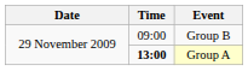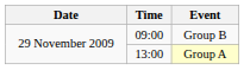 <table class = "wikitable" style="text-align:center;">
 <tr>
 <th width=150>Date</th>
 <th width=50>Time</th>
 <th width=80>Event</th>
 </tr>
 <tr>
 <td rowspan=2>29 November 2009</td>
 <td>09:00</td>
 <td>Group B</td>
 </tr>
 <tr>
-<td><strong>13:00</strong></td>
+<td>13:00</td>
 <td bgcolor=ffffcc>Group A</td>
 </tr>
 </table>
